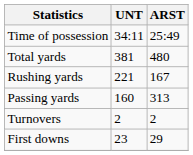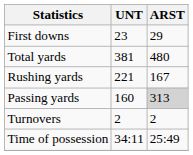 <table class="wikitable">
 <tr>
 <th>Statistics</th>
 <th>UNT</th>
 <th>ARST</th>
 </tr>
 <tr>
-<td>Time of possession</td>
-<td>34:11</td>
-<td>25:49</td>
+<td>First downs</td>
+<td>23</td>
+<td>29</td>
 </tr>
 <tr>
 <td>Total yards</td>
 <td>381</td>
 <td>480</td>
 </tr>
 <tr>
 <td>Rushing yards</td>
 <td>221</td>
 <td>167</td>
 </tr>
 <tr>
 <td>Passing yards</td>
 <td>160</td>
-<td>313</td>
+<td style="background: lightgrey;">313</td>
 </tr>
 <tr>
 <td>Turnovers</td>
 <td>2</td>
 <td>2</td>
 </tr>
 <tr>
-<td>First downs</td>
-<td>23</td>
-<td>29</td>
+<td>Time of possession</td>
+<td>34:11</td>
+<td>25:49</td>
 </tr>
 <tr>
 </tr>
 </table>
